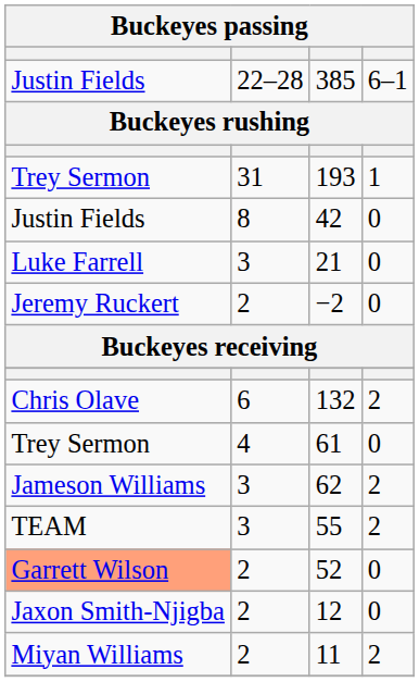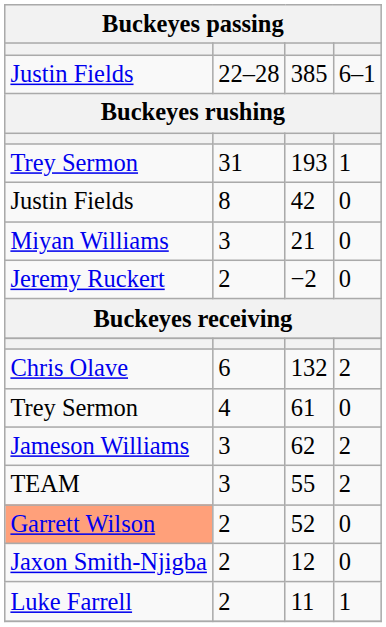 <table class="wikitable plainrowheaders">
 <tr>
 <th colspan="6">Buckeyes passing</th>
 </tr>
 <tr>
 <th scope="col"></th>
 <th scope="col"></th>
 <th scope="col"></th>
 <th scope="col"></th>
 </tr>
 <tr>
 <td><a href='#'>Justin Fields</a></td>
 <td>22–28</td>
 <td>385</td>
 <td>6–1</td>
 </tr>
 <tr>
 <th colspan="6">Buckeyes rushing</th>
 </tr>
 <tr>
 <th scope="col"></th>
 <th scope="col"></th>
 <th scope="col"></th>
 <th scope="col"></th>
 </tr>
 <tr>
 <td><a href='#'>Trey Sermon</a></td>
 <td>31</td>
 <td>193</td>
 <td>1</td>
 </tr>
 <tr>
 <td>Justin Fields</td>
 <td>8</td>
 <td>42</td>
 <td>0</td>
 </tr>
 <tr>
-<td><a href='#'>Luke Farrell</a></td>
+<td><a href='#'>Miyan Williams</a></td>
 <td>3</td>
 <td>21</td>
 <td>0</td>
 </tr>
 <tr>
 <td><a href='#'>Jeremy Ruckert</a></td>
 <td>2</td>
 <td>−2</td>
 <td>0</td>
 </tr>
 <tr>
 <th colspan="6">Buckeyes receiving</th>
 </tr>
 <tr>
 </tr>
 <tr>
 <th scope="col"></th>
 <th scope="col"></th>
 <th scope="col"></th>
 <th scope="col"></th>
 </tr>
 <tr>
 <td><a href='#'>Chris Olave</a></td>
 <td>6</td>
 <td>132</td>
 <td>2</td>
 </tr>
 <tr>
 <td>Trey Sermon</td>
 <td>4</td>
 <td>61</td>
 <td>0</td>
 </tr>
 <tr>
 <td><a href='#'>Jameson Williams</a></td>
 <td>3</td>
 <td>62</td>
 <td>2</td>
 </tr>
 <tr>
 <td>TEAM</td>
 <td>3</td>
 <td>55</td>
 <td>2</td>
 </tr>
 <tr>
 <td style="background: lightsalmon;"><a href='#'>Garrett Wilson</a></td>
 <td>2</td>
 <td>52</td>
 <td>0</td>
 </tr>
 <tr>
 <td><a href='#'>Jaxon Smith-Njigba</a></td>
 <td>2</td>
 <td>12</td>
 <td>0</td>
 </tr>
 <tr>
-<td><a href='#'>Miyan Williams</a></td>
+<td><a href='#'>Luke Farrell</a></td>
 <td>2</td>
 <td>11</td>
-<td>2</td>
+<td>1</td>
 </tr>
 <tr>
 </tr>
 </table>
